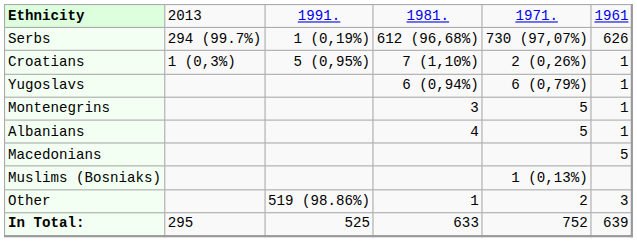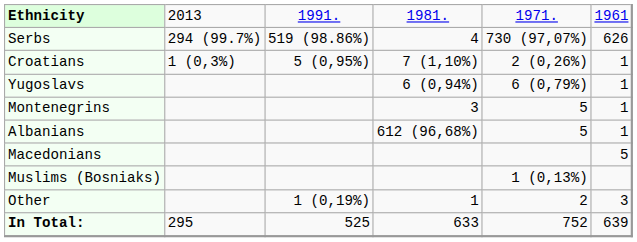 <table class="wikitable" style="align:left; margin:0.5em 0 0; border-style:solid; border:1px solid #999; border-right-width:2px; border-bottom-width:2px; border-collapse:collapse; font-size:100%;">
 <tr>
 <td style="background:#ddffdd;"><strong>Ethnicity</strong></td>
 <td>2013</td>
 <td style="text-align:center;"><a href='#'>1991.</a></td>
 <td style="text-align:center;"><a href='#'>1981.</a></td>
 <td style="text-align:center;"><a href='#'>1971.</a></td>
 <td style="text-align:center;"><a href='#'>1961</a></td>
 </tr>
 <tr>
 <td style="background:#f3fff3;">Serbs</td>
 <td>294 (99.7%)</td>
-<td align="right">1 (0,19%)</td>
-<td align="right">612 (96,68%)</td>
+<td align="right">519 (98.86%)</td>
+<td align="right">4</td>
 <td align="right">730 (97,07%)</td>
 <td align="right">626</td>
 </tr>
 <tr>
 <td style="background:#f3fff3;">Croatians</td>
 <td>1 (0,3%)</td>
 <td align="right">5 (0,95%)</td>
 <td align="right">7 (1,10%)</td>
 <td align="right">2 (0,26%)</td>
 <td align="right">1</td>
 </tr>
 <tr>
 <td style="background:#f3fff3;">Yugoslavs</td>
 <td></td>
 <td></td>
 <td align="right">6 (0,94%)</td>
 <td align="right">6 (0,79%)</td>
 <td align="right">1</td>
 </tr>
 <tr>
 <td style="background:#f3fff3;">Montenegrins</td>
 <td></td>
 <td></td>
 <td align="right">3</td>
 <td align="right">5</td>
 <td align="right">1</td>
 </tr>
 <tr>
 <td style="background:#f3fff3;">Albanians</td>
 <td></td>
 <td></td>
-<td align="right">4</td>
+<td align="right">612 (96,68%)</td>
 <td align="right">5</td>
 <td align="right">1</td>
 </tr>
 <tr>
 <td style="background:#f3fff3;">Macedonians</td>
 <td></td>
 <td></td>
 <td></td>
 <td></td>
 <td align="right">5</td>
 </tr>
 <tr>
 <td style="background:#f3fff3;">Muslims (Bosniaks)</td>
 <td></td>
 <td></td>
 <td></td>
 <td align="right">1 (0,13%)</td>
 <td></td>
 </tr>
 <tr>
 <td style="background:#f3fff3;">Other</td>
 <td></td>
-<td align="right">519 (98.86%)</td>
+<td align="right">1 (0,19%)</td>
 <td align="right">1</td>
 <td align="right">2</td>
 <td align="right">3</td>
 </tr>
 <tr>
 <td style="background:#f3fff3;"><strong>In Total:</strong></td>
 <td>295</td>
 <td style="text-align:right;">525</td>
 <td style="text-align:right;">633</td>
 <td style="text-align:right;">752</td>
 <td style="text-align:right;">639</td>
 </tr>
 </table>
